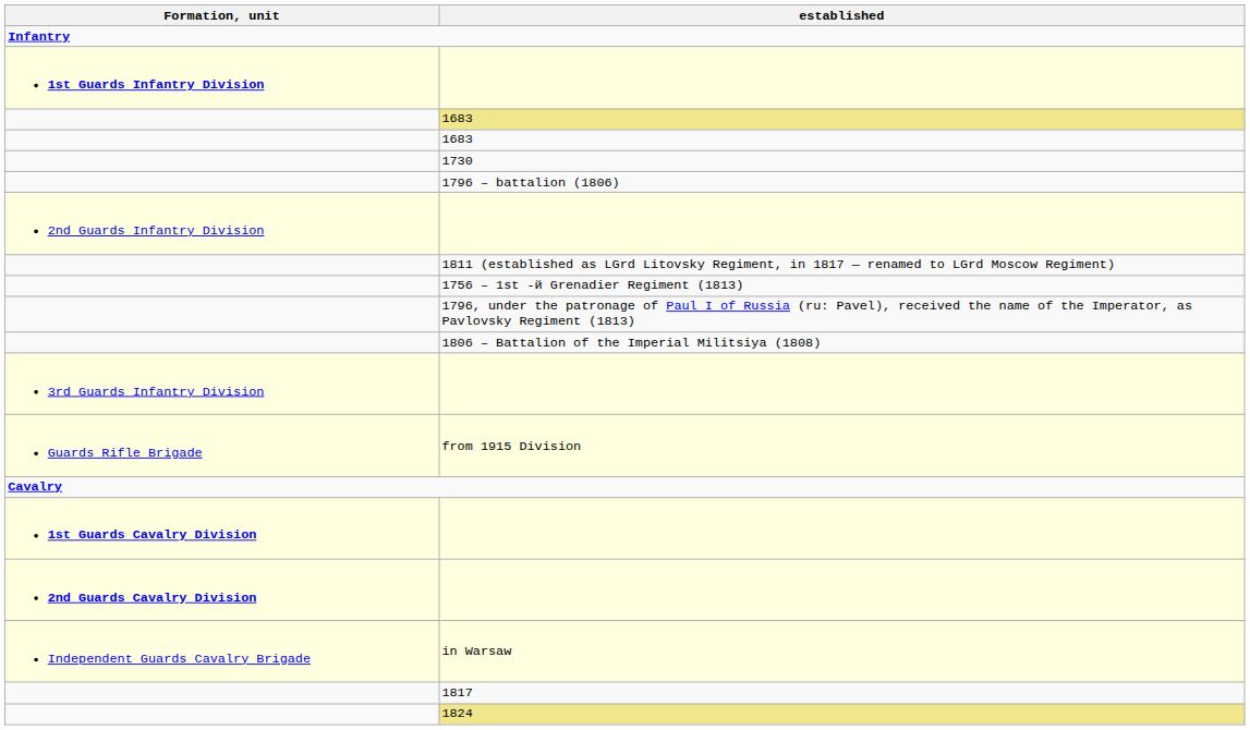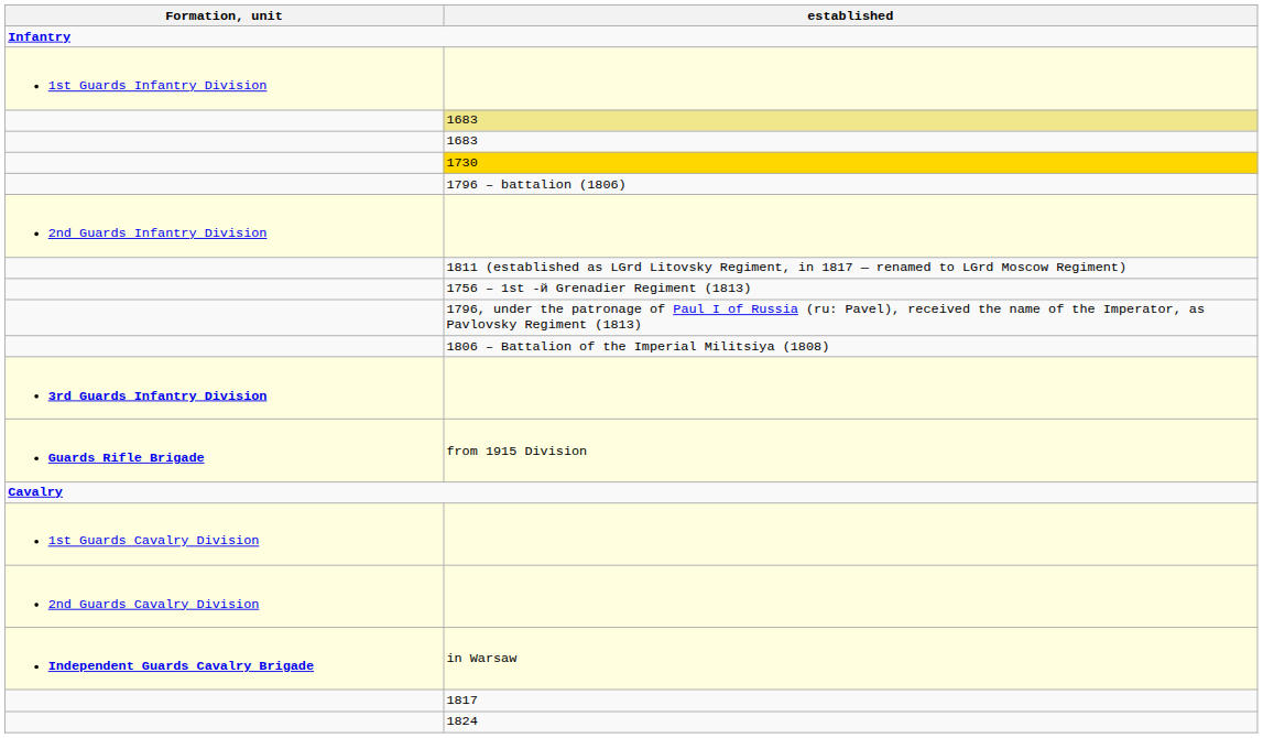 <table class=wikitable>
 <tr>
 <th width=35%>Formation, unit</th>
 <th>established</th>
 </tr>
 <tr>
 <td colspan=2><strong><a href='#'>Infantry</a></strong></td>
 </tr>
 <tr style="background:lightyellow">
-<td><strong><br><ul><li><a href='#'>1st Guards Infantry Division</a></li></ul></strong></td>
+<td><br><ul><li><a href='#'>1st Guards Infantry Division</a></li></ul></td>
 <td></td>
 </tr>
 <tr>
 <td><br></td>
 <td style="background: khaki;">1683</td>
 </tr>
 <tr>
 <td><br></td>
 <td>1683</td>
 </tr>
 <tr>
 <td><br></td>
-<td>1730</td>
+<td style="background: gold;">1730</td>
 </tr>
 <tr>
 <td><br></td>
 <td>1796 – battalion (1806)</td>
 </tr>
 <tr style="background:lightyellow">
 <td><br><ul><li><a href='#'>2nd Guards Infantry Division</a></li></ul></td>
 <td></td>
 </tr>
 <tr>
 <td><br></td>
 <td>1811 (established as LGrd Litovsky Regiment, in 1817 — renamed to LGrd Moscow Regiment)</td>
 </tr>
 <tr>
 <td><br></td>
 <td>1756 – 1st -й Grenadier Regiment (1813)</td>
 </tr>
 <tr>
 <td><br></td>
 <td>1796, under the patronage of <a href='#'>Paul I of Russia</a> (ru: Pavel), received the name of the Imperator, as Pavlovsky Regiment (1813)</td>
 </tr>
 <tr>
 <td><br></td>
 <td>1806 – Battalion of the Imperial Militsiya (1808)</td>
 </tr>
 <tr style="background:lightyellow">
-<td><br><ul><li><a href='#'>3rd Guards Infantry Division</a></li></ul></td>
+<td><strong><br><ul><li><a href='#'>3rd Guards Infantry Division</a></li></ul></strong></td>
 <td></td>
 </tr>
 <tr style="background:lightyellow">
-<td><br><ul><li><a href='#'>Guards Rifle Brigade</a></li></ul></td>
+<td><strong><br><ul><li><a href='#'>Guards Rifle Brigade</a></li></ul></strong></td>
 <td>from 1915 Division</td>
 </tr>
 <tr>
 <td colspan=2><strong><a href='#'>Cavalry</a></strong></td>
 </tr>
 <tr style="background:lightyellow">
-<td><strong><br><ul><li><a href='#'>1st Guards Cavalry Division</a></li></ul></strong></td>
+<td><br><ul><li><a href='#'>1st Guards Cavalry Division</a></li></ul></td>
 <td></td>
 </tr>
 <tr style="background:lightyellow">
-<td><strong><br><ul><li><a href='#'>2nd Guards Cavalry Division</a></li></ul></strong></td>
+<td><br><ul><li><a href='#'>2nd Guards Cavalry Division</a></li></ul></td>
 <td></td>
 </tr>
 <tr style="background:lightyellow">
-<td><br><ul><li><a href='#'>Independent Guards Cavalry Brigade</a></li></ul></td>
+<td><strong><br><ul><li><a href='#'>Independent Guards Cavalry Brigade</a></li></ul></strong></td>
 <td>in Warsaw</td>
 </tr>
 <tr>
 <td><br></td>
 <td>1817</td>
 </tr>
 <tr>
 <td><br></td>
-<td style="background: khaki;">1824</td>
+<td>1824</td>
 </tr>
 </table>
